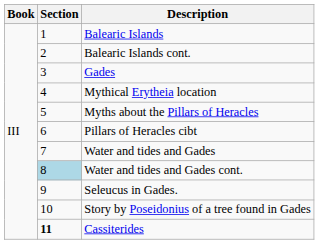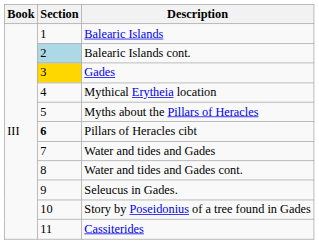 <table class="wikitable" style="max-width:45em;">
 <tr>
 <th>Book</th>
 <th>Section</th>
 <th>Description</th>
 </tr>
 <tr>
 <td rowspan="13">III</td>
 <td>1</td>
 <td><a href='#'>Balearic Islands</a></td>
 </tr>
 <tr>
-<td>2</td>
+<td style="background: lightblue;">2</td>
 <td>Balearic Islands cont.</td>
 </tr>
 <tr>
-<td>3</td>
+<td style="background: gold;">3</td>
 <td><a href='#'>Gades</a></td>
 </tr>
 <tr>
 <td>4</td>
 <td>Mythical <a href='#'>Erytheia</a> location</td>
 </tr>
 <tr>
 <td>5</td>
 <td>Myths about the <a href='#'>Pillars of Heracles</a></td>
 </tr>
 <tr>
-<td>6</td>
+<td><strong>6</strong></td>
 <td>Pillars of Heracles cibt</td>
 </tr>
 <tr>
 <td>7</td>
 <td>Water and tides and Gades</td>
 </tr>
 <tr>
-<td style="background: lightblue;">8</td>
+<td>8</td>
 <td>Water and tides and Gades cont.</td>
 </tr>
 <tr>
 <td>9</td>
 <td>Seleucus in Gades.</td>
 </tr>
 <tr>
 <td>10</td>
 <td>Story by <a href='#'>Poseidonius</a> of a tree found in Gades</td>
 </tr>
 <tr>
-<td><strong>11</strong></td>
+<td>11</td>
 <td><a href='#'>Cassiterides</a></td>
 </tr>
 </table>
